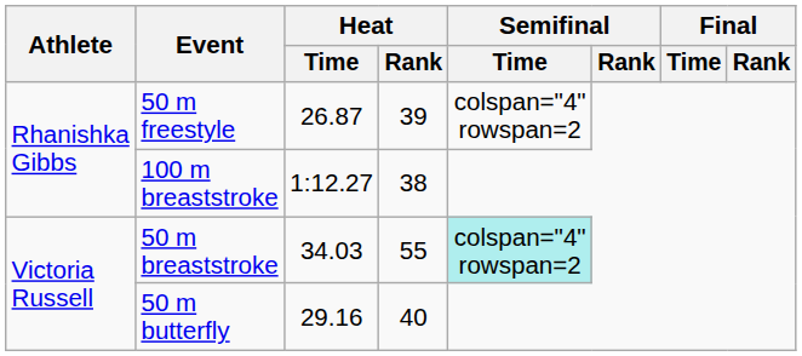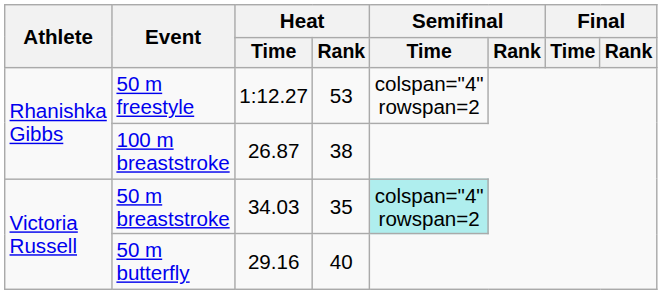 <table class="wikitable" style="text-align:center; font-size:90%; width:50%;">
 <tr>
 <th rowspan="2">Athlete</th>
 <th rowspan="2">Event</th>
 <th colspan="2">Heat</th>
 <th colspan="2">Semifinal</th>
 <th colspan="2">Final</th>
 </tr>
 <tr style="font-size:95%">
 <th>Time</th>
 <th>Rank</th>
 <th>Time</th>
 <th>Rank</th>
 <th>Time</th>
 <th>Rank</th>
 </tr>
 <tr>
 <td align=left rowspan=2><a href='#'>Rhanishka Gibbs</a></td>
 <td align=left><a href='#'>50 m freestyle</a></td>
-<td>26.87</td>
-<td>39</td>
+<td>1:12.27</td>
+<td>53</td>
 <td>colspan="4" rowspan=2</td>
 </tr>
 <tr>
 <td align=left><a href='#'>100 m breaststroke</a></td>
-<td>1:12.27</td>
+<td>26.87</td>
 <td>38</td>
 </tr>
 <tr>
 <td align=left rowspan=2><a href='#'>Victoria Russell</a></td>
 <td align=left><a href='#'>50 m breaststroke</a></td>
 <td>34.03</td>
-<td>55</td>
+<td>35</td>
 <td style="background: paleturquoise;">colspan="4" rowspan=2</td>
 </tr>
 <tr>
 <td align=left><a href='#'>50 m butterfly</a></td>
 <td>29.16</td>
 <td>40</td>
 </tr>
 </table>
